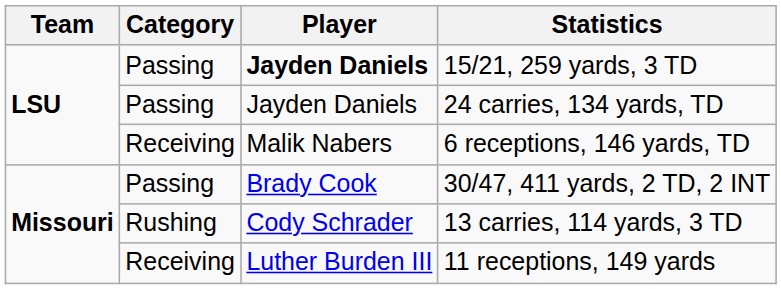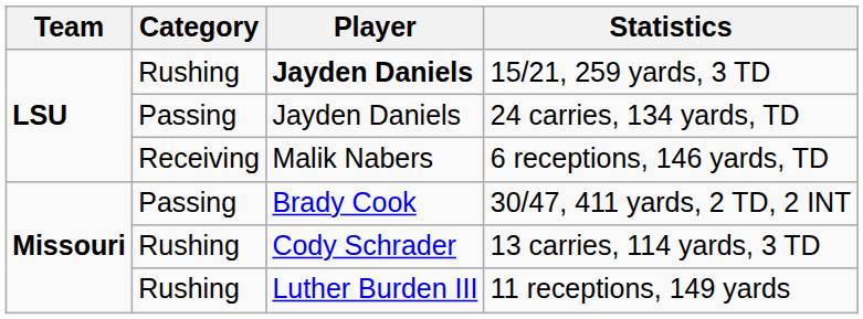 <table class="wikitable" style="float: right;">
 <tr>
 <th>Team</th>
 <th>Category</th>
 <th>Player</th>
 <th>Statistics</th>
 </tr>
 <tr>
 <td rowspan=3><strong>LSU</strong></td>
-<td>Passing</td>
+<td>Rushing</td>
 <td><strong>Jayden Daniels</strong></td>
 <td>15/21, 259 yards, 3 TD</td>
 </tr>
 <tr>
 <td>Passing</td>
 <td>Jayden Daniels</td>
 <td>24 carries, 134 yards, TD</td>
 </tr>
 <tr>
 <td>Receiving</td>
 <td>Malik Nabers</td>
 <td>6 receptions, 146 yards, TD</td>
 </tr>
 <tr>
 <td rowspan=3><strong>Missouri</strong></td>
 <td>Passing</td>
 <td><a href='#'>Brady Cook</a></td>
 <td>30/47, 411 yards, 2 TD, 2 INT</td>
 </tr>
 <tr>
 <td>Rushing</td>
 <td><a href='#'>Cody Schrader</a></td>
 <td>13 carries, 114 yards, 3 TD</td>
 </tr>
 <tr>
-<td>Receiving</td>
+<td>Rushing</td>
 <td><a href='#'>Luther Burden III</a></td>
 <td>11 receptions, 149 yards</td>
 </tr>
 </table>
